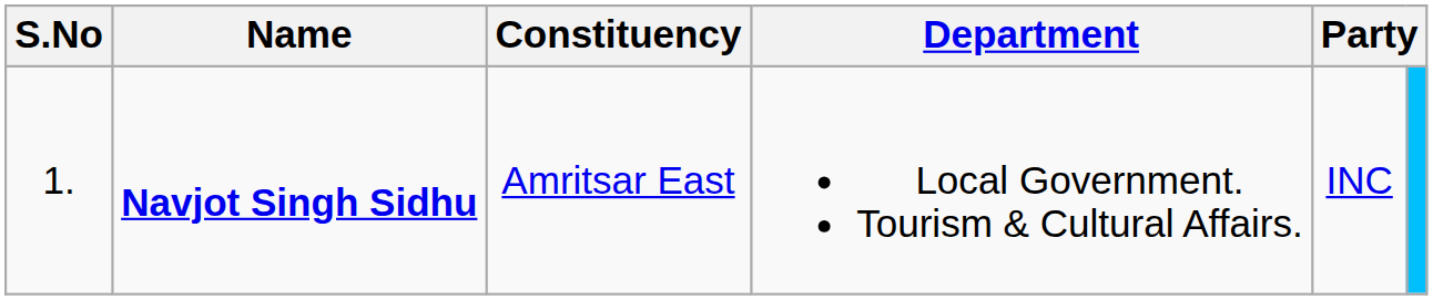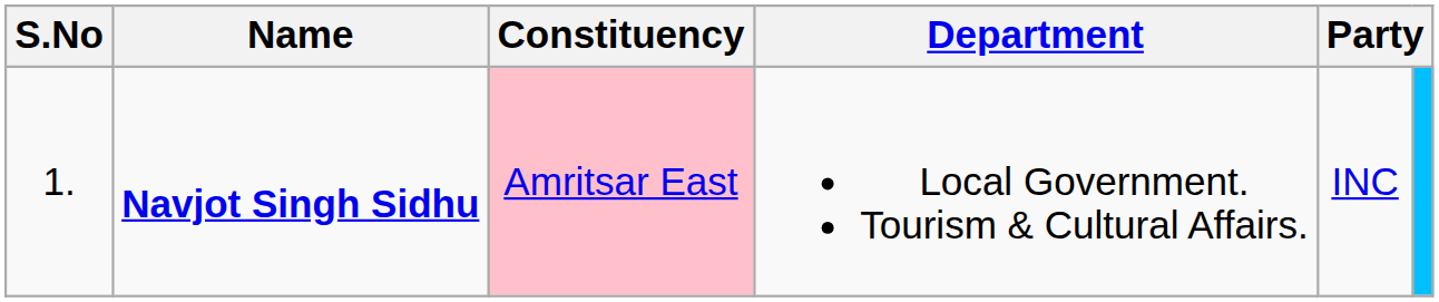 <table class="wikitable sortable" style="text-align:center;">
 <tr>
 <th>S.No</th>
 <th>Name</th>
 <th>Constituency</th>
 <th><a href='#'>Department</a></th>
 <th colspan="2" scope="col">Party</th>
 </tr>
 <tr>
 <td>1.</td>
 <td><br><strong><a href='#'>Navjot Singh Sidhu</a></strong></td>
-<td><a href='#'>Amritsar East</a></td>
+<td style="background: pink;"><a href='#'>Amritsar East</a></td>
 <td><br><ul><li>Local Government.</li><li>Tourism & Cultural Affairs.</li></ul></td>
 <td><a href='#'>INC</a></td>
 <td bgcolor=#00BFFF></td>
 </tr>
 </table>
